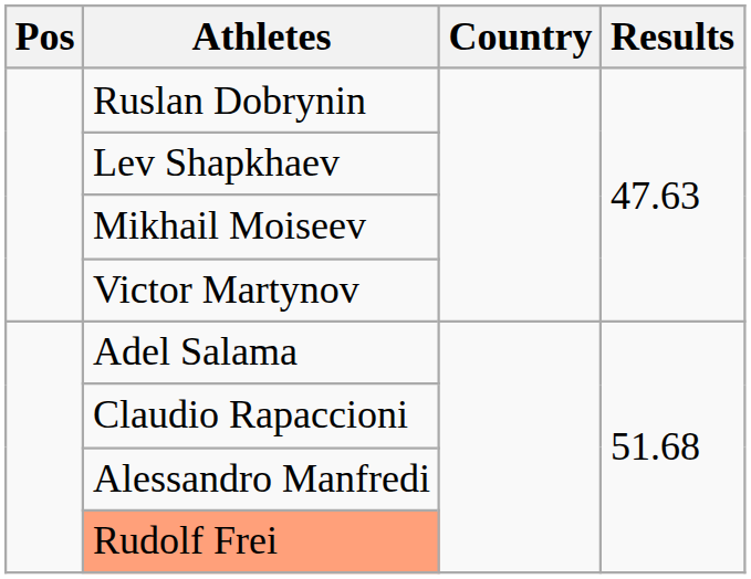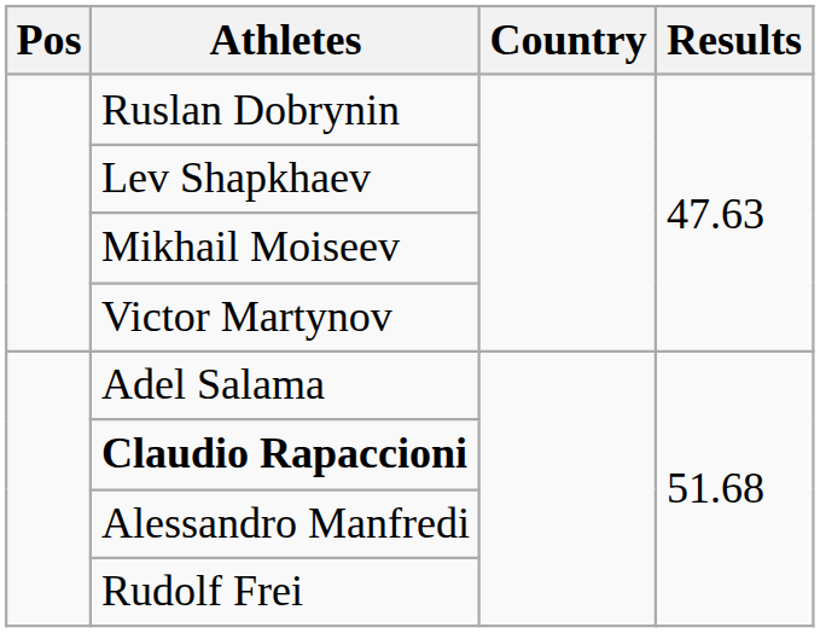 <table class="wikitable">
 <tr>
 <th>Pos</th>
 <th>Athletes</th>
 <th>Country</th>
 <th>Results</th>
 </tr>
 <tr>
 <td rowspan="4"></td>
 <td>Ruslan Dobrynin</td>
 <td rowspan="4"></td>
 <td rowspan="4">47.63</td>
 </tr>
 <tr>
 <td>Lev Shapkhaev</td>
 </tr>
 <tr>
 <td>Mikhail Moiseev</td>
 </tr>
 <tr>
 <td>Victor Martynov</td>
 </tr>
 <tr>
 <td rowspan="4"></td>
 <td>Adel Salama</td>
 <td rowspan="4"></td>
 <td rowspan="4">51.68</td>
 </tr>
 <tr>
-<td>Claudio Rapaccioni</td>
+<td><strong>Claudio Rapaccioni</strong></td>
 </tr>
 <tr>
 <td>Alessandro Manfredi</td>
 </tr>
 <tr>
-<td style="background: lightsalmon;">Rudolf Frei</td>
+<td>Rudolf Frei</td>
 </tr>
 </table>
